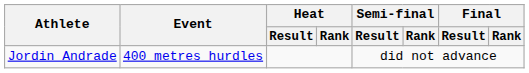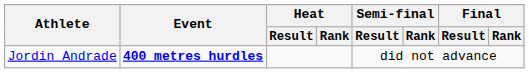 <table class=wikitable style=font-size:90%>
 <tr>
 <th rowspan=2>Athlete</th>
 <th rowspan=2>Event</th>
 <th colspan=2>Heat</th>
 <th colspan=2>Semi-final</th>
 <th colspan=2>Final</th>
 </tr>
 <tr style=font-size:95%>
 <th>Result</th>
 <th>Rank</th>
 <th>Result</th>
 <th>Rank</th>
 <th>Result</th>
 <th>Rank</th>
 </tr>
 <tr align=center>
 <td align=left><a href='#'>Jordin Andrade</a></td>
-<td align=left><a href='#'>400 metres hurdles</a></td>
+<td align=left><strong><a href='#'>400 metres hurdles</a></strong></td>
 <td colspan=2></td>
 <td colspan=4>did not advance</td>
 </tr>
 </table>
